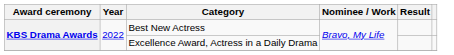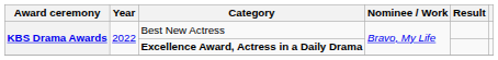 <table class="wikitable plainrowheaders sortable">
 <tr>
 <th scope="col">Award ceremony</th>
 <th scope="col">Year</th>
 <th scope="col">Category</th>
 <th scope="col">Nominee / Work</th>
 <th scope="col">Result</th>
 <th scope="col" class="unsortable"></th>
 </tr>
 <tr>
 <th scope="row"  rowspan="2"><a href='#'>KBS Drama Awards</a></th>
 <td style="text-align:center" rowspan="2"><a href='#'>2022</a></td>
 <td>Best New Actress</td>
 <td rowspan="2"><em><a href='#'>Bravo, My Life</a></em></td>
 <td></td>
 <td style="text-align:center"></td>
 </tr>
 <tr>
-<td>Excellence Award, Actress in a Daily Drama</td>
+<td><strong>Excellence Award, Actress in a Daily Drama</strong></td>
 <td></td>
 <td style="text-align:center"></td>
 </tr>
 <tr>
 </tr>
 </table>
